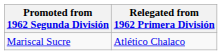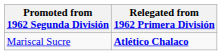 <table class="wikitable">
 <tr>
 <th>Promoted from<br><a href='#'>1962 Segunda División</a></th>
 <th>Relegated from<br><a href='#'>1962 Primera División</a></th>
 </tr>
 <tr>
 <td> <a href='#'>Mariscal Sucre</a> </td>
-<td> <a href='#'>Atlético Chalaco</a> </td>
+<td><strong> <a href='#'>Atlético Chalaco</a> </strong></td>
 </tr>
 </table>
